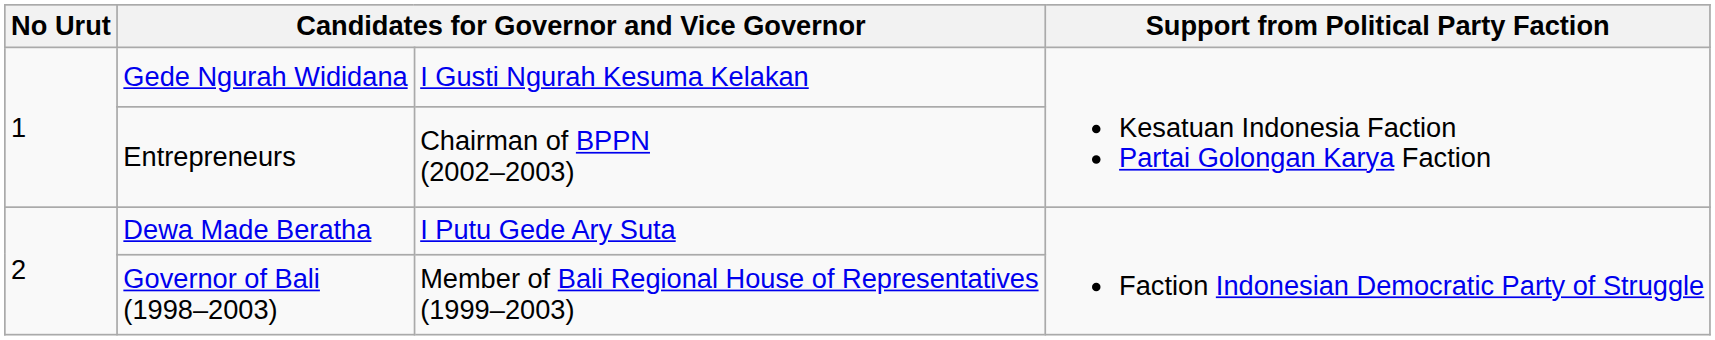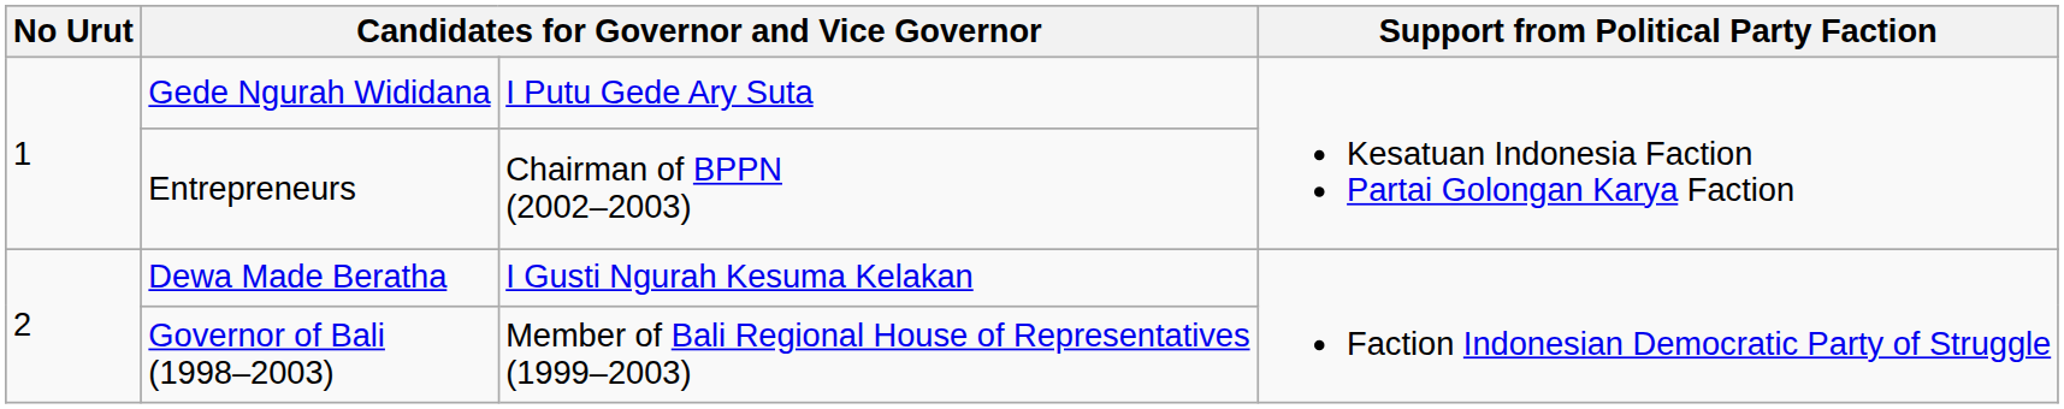 <table class="wikitable sortable">
 <tr>
 <th>No Urut</th>
 <th colspan="2">Candidates for Governor and Vice Governor</th>
 <th>Support from Political Party Faction</th>
 </tr>
 <tr>
 <td rowspan="2">1</td>
 <td><a href='#'>Gede Ngurah Wididana</a></td>
-<td><a href='#'>I Gusti Ngurah Kesuma Kelakan</a></td>
+<td><a href='#'>I Putu Gede Ary Suta</a></td>
 <td rowspan="2"><br><ul><li>Kesatuan Indonesia Faction</li><li><a href='#'>Partai Golongan Karya</a> Faction</li></ul></td>
 </tr>
 <tr>
 <td>Entrepreneurs</td>
 <td>Chairman of <a href='#'>BPPN</a><br>(2002–2003)</td>
 </tr>
 <tr>
 <td rowspan="2">2</td>
 <td><a href='#'>Dewa Made Beratha</a></td>
-<td><a href='#'>I Putu Gede Ary Suta</a></td>
+<td><a href='#'>I Gusti Ngurah Kesuma Kelakan</a></td>
 <td rowspan="2"><br><ul><li>Faction <a href='#'>Indonesian Democratic Party of Struggle</a></li></ul></td>
 </tr>
 <tr>
 <td><a href='#'>Governor of Bali</a><br>(1998–2003)</td>
 <td>Member of <a href='#'>Bali Regional House of Representatives</a><br>(1999–2003)</td>
 </tr>
 </table>
